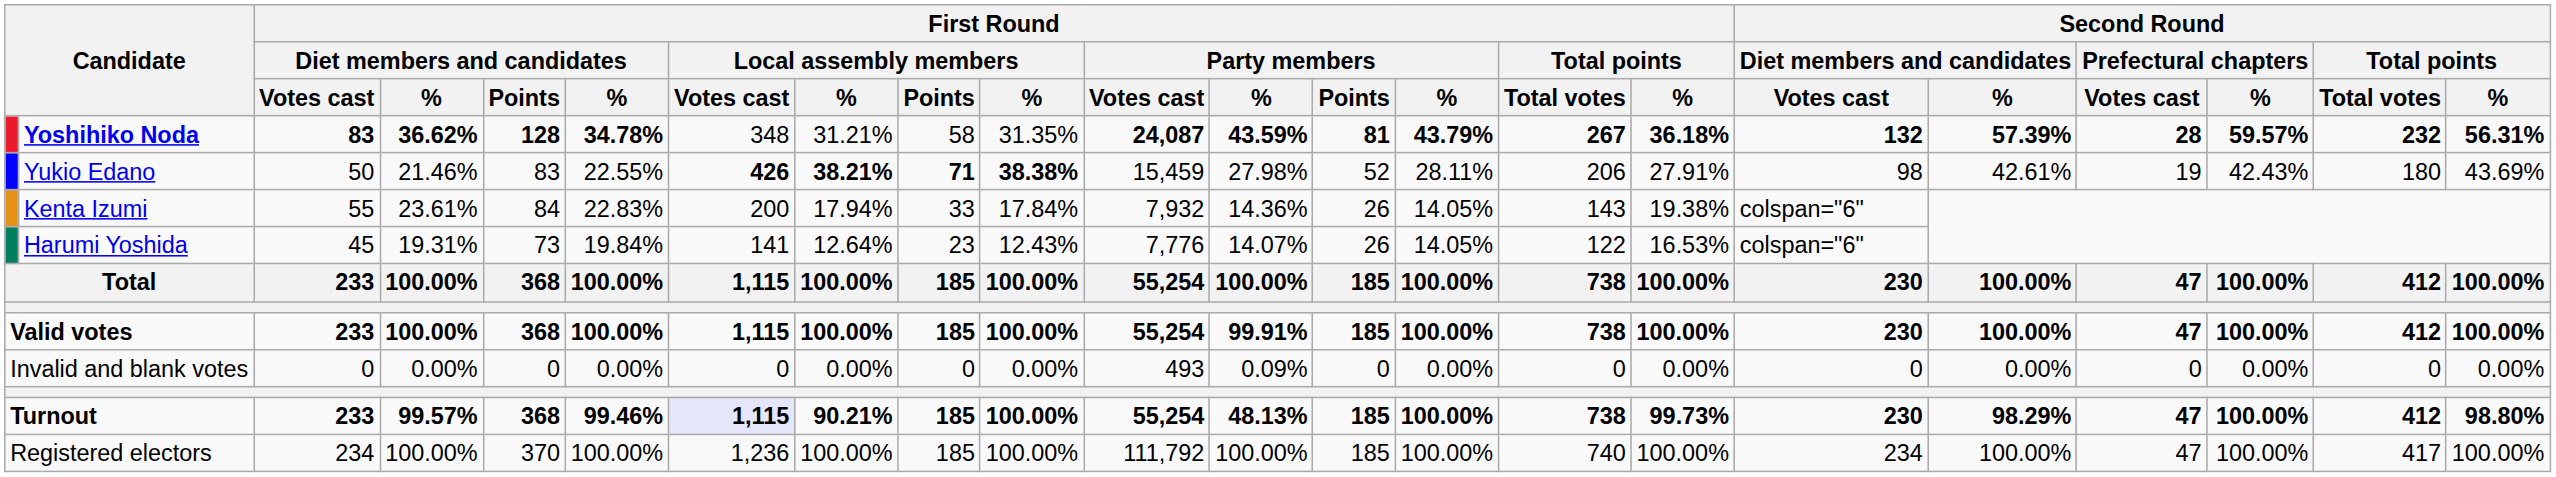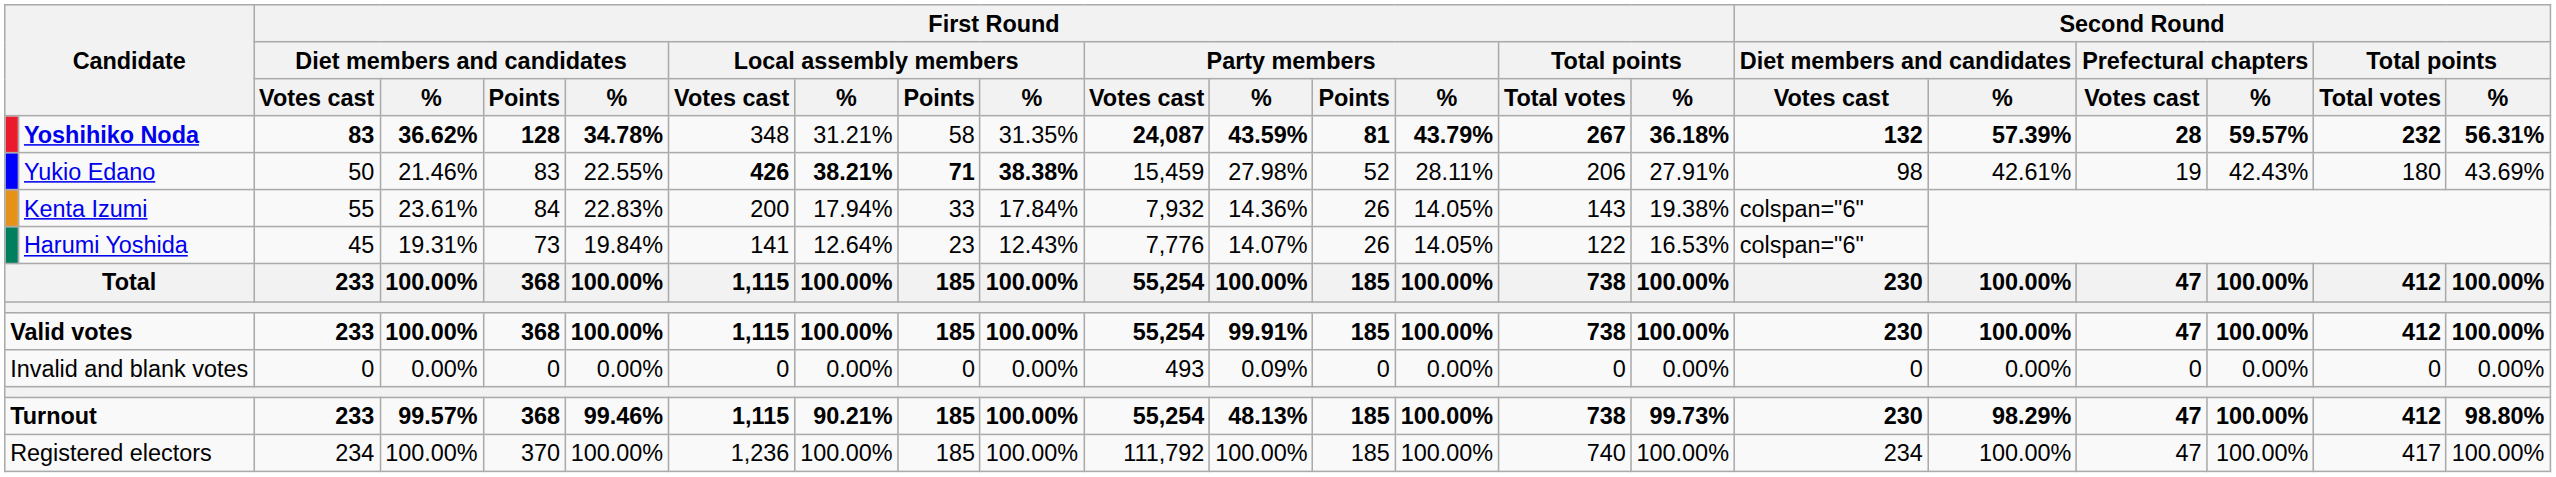 <table class="wikitable" style="font-size:95%;">
 <tr>
 <th rowspan="3" colspan="2">Candidate</th>
 <th colspan="14">First Round</th>
 <th colspan="8">Second Round</th>
 </tr>
 <tr>
 <th colspan="4">Diet members and candidates</th>
 <th colspan="4">Local assembly members</th>
 <th colspan="4">Party members</th>
 <th colspan="2">Total points</th>
 <th colspan="2">Diet members and candidates</th>
 <th colspan="2">Prefectural chapters</th>
 <th colspan="2">Total points</th>
 </tr>
 <tr>
 <th>Votes cast</th>
 <th>%</th>
 <th>Points</th>
 <th>%</th>
 <th>Votes cast</th>
 <th>%</th>
 <th>Points</th>
 <th>%</th>
 <th>Votes cast</th>
 <th>%</th>
 <th>Points</th>
 <th>%</th>
 <th>Total votes</th>
 <th>%</th>
 <th>Votes cast</th>
 <th>%</th>
 <th>Votes cast</th>
 <th>%</th>
 <th>Total votes</th>
 <th>%</th>
 </tr>
 <tr>
 <td style="background:#EA1B2D;"></td>
 <td><strong><a href='#'>Yoshihiko Noda</a></strong> </td>
 <td style="text-align:right"><strong>83</strong></td>
 <td style="text-align:right"><strong>36.62%</strong></td>
 <td style="text-align:right"><strong>128</strong></td>
 <td style="text-align:right"><strong>34.78%</strong></td>
 <td style="text-align:right">348</td>
 <td style="text-align:right">31.21%</td>
 <td style="text-align:right">58</td>
 <td style="text-align:right">31.35%</td>
 <td style="text-align:right"><strong>24,087</strong></td>
 <td style="text-align:right"><strong>43.59%</strong></td>
 <td style="text-align:right"><strong>81</strong></td>
 <td style="text-align:right"><strong>43.79%</strong></td>
 <td style="text-align:right"><strong>267</strong></td>
 <td style="text-align:right"><strong>36.18%</strong><br></td>
 <td style="text-align:right"><strong>132</strong></td>
 <td style="text-align:right"><strong>57.39%</strong></td>
 <td style="text-align:right"><strong>28</strong></td>
 <td style="text-align:right"><strong>59.57%</strong></td>
 <td style="text-align:right"><strong>232</strong></td>
 <td style="text-align:right"><strong>56.31%</strong></td>
 </tr>
 <tr>
 <td style="background:#0000FF;"></td>
 <td><a href='#'>Yukio Edano</a></td>
 <td style="text-align:right">50</td>
 <td style="text-align:right">21.46%</td>
 <td style="text-align:right">83</td>
 <td style="text-align:right">22.55%</td>
 <td style="text-align:right"><strong>426</strong></td>
 <td style="text-align:right"><strong>38.21%</strong></td>
 <td style="text-align:right"><strong>71</strong></td>
 <td style="text-align:right"><strong>38.38%</strong></td>
 <td style="text-align:right">15,459</td>
 <td style="text-align:right">27.98%</td>
 <td style="text-align:right">52</td>
 <td style="text-align:right">28.11%</td>
 <td style="text-align:right">206</td>
 <td style="text-align:right">27.91%<br></td>
 <td style="text-align:right">98</td>
 <td style="text-align:right">42.61%</td>
 <td style="text-align:right">19</td>
 <td style="text-align:right">42.43%</td>
 <td style="text-align:right">180</td>
 <td style="text-align:right">43.69%</td>
 </tr>
 <tr>
 <td style="background:#E69117;"></td>
 <td><a href='#'>Kenta Izumi</a></td>
 <td style="text-align:right">55</td>
 <td style="text-align:right">23.61%</td>
 <td style="text-align:right">84</td>
 <td style="text-align:right">22.83%</td>
 <td style="text-align:right">200</td>
 <td style="text-align:right">17.94%</td>
 <td style="text-align:right">33</td>
 <td style="text-align:right">17.84%</td>
 <td style="text-align:right">7,932</td>
 <td style="text-align:right">14.36%</td>
 <td style="text-align:right">26</td>
 <td style="text-align:right">14.05%</td>
 <td style="text-align:right">143</td>
 <td style="text-align:right">19.38%</td>
 <td>colspan="6" </td>
 </tr>
 <tr>
 <td style="background:#007F5E;"></td>
 <td><a href='#'>Harumi Yoshida</a></td>
 <td style="text-align:right">45</td>
 <td style="text-align:right">19.31%</td>
 <td style="text-align:right">73</td>
 <td style="text-align:right">19.84%</td>
 <td style="text-align:right">141</td>
 <td style="text-align:right">12.64%</td>
 <td style="text-align:right">23</td>
 <td style="text-align:right">12.43%</td>
 <td style="text-align:right">7,776</td>
 <td style="text-align:right">14.07%</td>
 <td style="text-align:right">26</td>
 <td style="text-align:right">14.05%</td>
 <td style="text-align:right">122</td>
 <td style="text-align:right">16.53%</td>
 <td>colspan="6" </td>
 </tr>
 <tr>
 <th colspan="2">Total</th>
 <th style="text-align:right">233</th>
 <th style="text-align:right">100.00%</th>
 <th style="text-align:right">368</th>
 <th style="text-align:right">100.00%</th>
 <th style="text-align:right">1,115</th>
 <th style="text-align:right">100.00%</th>
 <th style="text-align:right">185</th>
 <th style="text-align:right">100.00%</th>
 <th style="text-align:right">55,254</th>
 <th style="text-align:right">100.00%</th>
 <th style="text-align:right">185</th>
 <th style="text-align:right">100.00%</th>
 <th style="text-align:right">738</th>
 <th style="text-align:right">100.00%</th>
 <th style="text-align:right">230</th>
 <th style="text-align:right">100.00%</th>
 <th style="text-align:right">47</th>
 <th style="text-align:right">100.00%</th>
 <th style="text-align:right">412</th>
 <th style="text-align:right">100.00%</th>
 </tr>
 <tr>
 <th colspan="22"></th>
 </tr>
 <tr>
 <td colspan="2"><strong>Valid votes</strong></td>
 <td style="text-align:right"><strong>233</strong></td>
 <td style="text-align:right"><strong>100.00%</strong></td>
 <td style="text-align:right"><strong>368</strong></td>
 <td style="text-align:right"><strong>100.00%</strong></td>
 <td style="text-align:right"><strong>1,115</strong></td>
 <td style="text-align:right"><strong>100.00%</strong></td>
 <td style="text-align:right"><strong>185</strong></td>
 <td style="text-align:right"><strong>100.00%</strong></td>
 <td style="text-align:right"><strong>55,254</strong></td>
 <td style="text-align:right"><strong>99.91%</strong></td>
 <td style="text-align:right"><strong>185</strong></td>
 <td style="text-align:right"><strong>100.00%</strong></td>
 <td style="text-align:right"><strong>738</strong></td>
 <td style="text-align:right"><strong>100.00%</strong></td>
 <td style="text-align:right"><strong>230</strong></td>
 <td style="text-align:right"><strong>100.00%</strong></td>
 <td style="text-align:right"><strong>47</strong></td>
 <td style="text-align:right"><strong>100.00%</strong></td>
 <td style="text-align:right"><strong>412</strong></td>
 <td style="text-align:right"><strong>100.00%</strong></td>
 </tr>
 <tr>
 <td colspan="2">Invalid and blank votes</td>
 <td style="text-align:right">0</td>
 <td style="text-align:right">0.00%</td>
 <td style="text-align:right">0</td>
 <td style="text-align:right">0.00%</td>
 <td style="text-align:right">0</td>
 <td style="text-align:right">0.00%</td>
 <td style="text-align:right">0</td>
 <td style="text-align:right">0.00%</td>
 <td style="text-align:right">493</td>
 <td style="text-align:right">0.09%</td>
 <td style="text-align:right">0</td>
 <td style="text-align:right">0.00%</td>
 <td style="text-align:right">0</td>
 <td style="text-align:right">0.00%</td>
 <td style="text-align:right">0</td>
 <td style="text-align:right">0.00%</td>
 <td style="text-align:right">0</td>
 <td style="text-align:right">0.00%</td>
 <td style="text-align:right">0</td>
 <td style="text-align:right">0.00%</td>
 </tr>
 <tr>
 <th colspan="22"></th>
 </tr>
 <tr>
 <td colspan="2"><strong>Turnout</strong></td>
 <td style="text-align:right"><strong>233</strong></td>
 <td style="text-align:right"><strong>99.57%</strong></td>
 <td style="text-align:right"><strong>368</strong></td>
 <td style="text-align:right"><strong>99.46%</strong></td>
-<td style="background: lavender; text-align:right"><strong>1,115</strong></td>
+<td style="text-align:right"><strong>1,115</strong></td>
 <td style="text-align:right"><strong>90.21%</strong></td>
 <td style="text-align:right"><strong>185</strong></td>
 <td style="text-align:right"><strong>100.00%</strong></td>
 <td style="text-align:right"><strong>55,254</strong></td>
 <td style="text-align:right"><strong>48.13%</strong></td>
 <td style="text-align:right"><strong>185</strong></td>
 <td style="text-align:right"><strong>100.00%</strong></td>
 <td style="text-align:right"><strong>738</strong></td>
 <td style="text-align:right"><strong>99.73%</strong></td>
 <td style="text-align:right"><strong>230</strong></td>
 <td style="text-align:right"><strong>98.29%</strong></td>
 <td style="text-align:right"><strong>47</strong></td>
 <td style="text-align:right"><strong>100.00%</strong></td>
 <td style="text-align:right"><strong>412</strong></td>
 <td style="text-align:right"><strong>98.80%</strong></td>
 </tr>
 <tr>
 <td colspan="2">Registered electors</td>
 <td style="text-align:right">234</td>
 <td style="text-align:right">100.00%</td>
 <td style="text-align:right">370</td>
 <td style="text-align:right">100.00%</td>
 <td style="text-align:right">1,236</td>
 <td style="text-align:right">100.00%</td>
 <td style="text-align:right">185</td>
 <td style="text-align:right">100.00%</td>
 <td style="text-align:right">111,792</td>
 <td style="text-align:right">100.00%</td>
 <td style="text-align:right">185</td>
 <td style="text-align:right">100.00%</td>
 <td style="text-align:right">740</td>
 <td style="text-align:right">100.00%</td>
 <td style="text-align:right">234</td>
 <td style="text-align:right">100.00%</td>
 <td style="text-align:right">47</td>
 <td style="text-align:right">100.00%</td>
 <td style="text-align:right">417</td>
 <td style="text-align:right">100.00%</td>
 </tr>
 </table>
